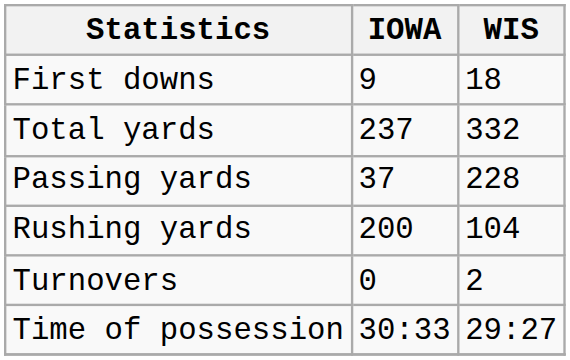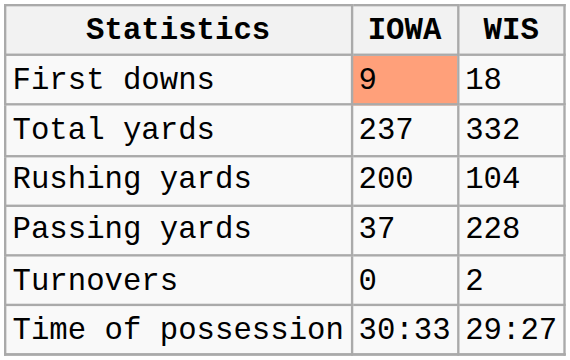 <table class="wikitable">
 <tr>
 <th>Statistics</th>
 <th>IOWA</th>
 <th>WIS</th>
 </tr>
 <tr>
 <td>First downs</td>
-<td>9</td>
+<td style="background: lightsalmon;">9</td>
 <td>18</td>
 </tr>
 <tr>
 <td>Total yards</td>
 <td>237</td>
 <td>332</td>
 </tr>
 <tr>
+<td>Rushing yards</td>
+<td>200</td>
+<td>104</td>
+</tr>
+<tr>
 <td>Passing yards</td>
 <td>37</td>
 <td>228</td>
-</tr>
-<tr>
-<td>Rushing yards</td>
-<td>200</td>
-<td>104</td>
 </tr>
 <tr>
 <td>Turnovers</td>
 <td>0</td>
 <td>2</td>
 </tr>
 <tr>
 <td>Time of possession</td>
 <td>30:33</td>
 <td>29:27</td>
 </tr>
 <tr>
 </tr>
 </table>
